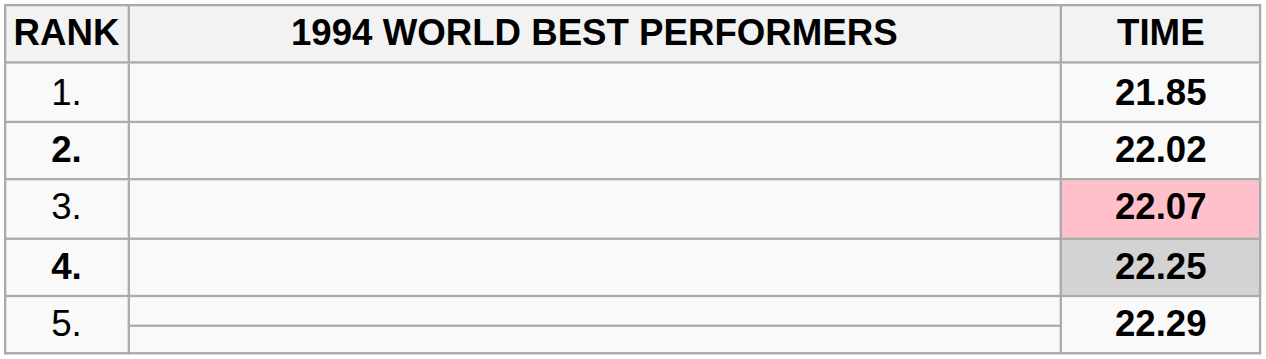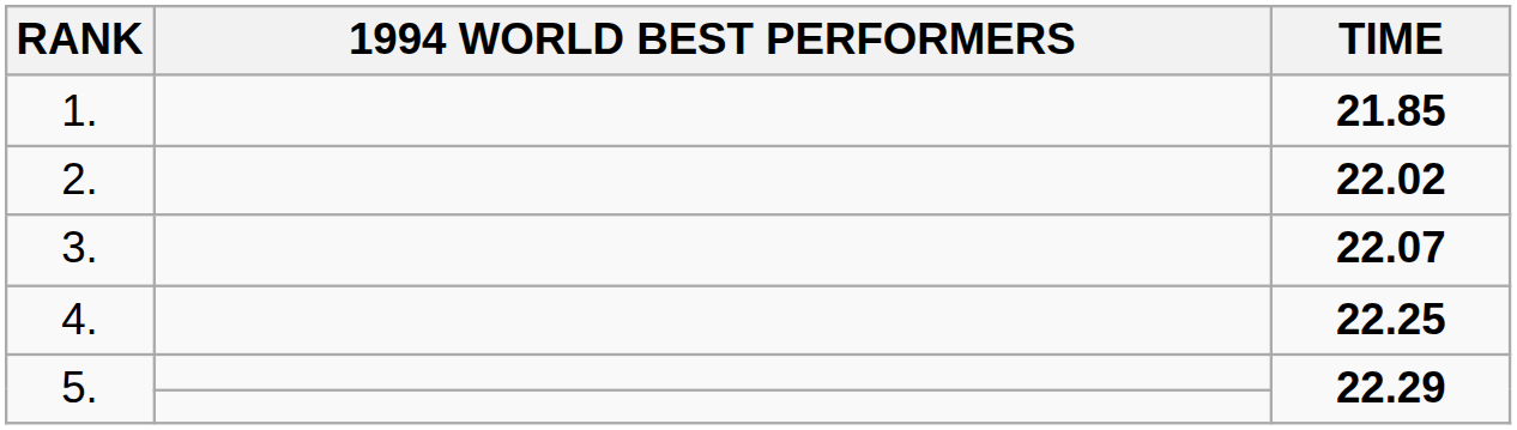 <table class=wikitable>
 <tr>
 <th>RANK</th>
 <th align="center" style="width: 25em">1994 WORLD BEST PERFORMERS</th>
 <th align="center" style="width: 5em">TIME</th>
 </tr>
 <tr>
 <td align="center">1.</td>
 <td></td>
 <td align="center"><strong>21.85</strong></td>
 </tr>
 <tr>
-<td align="center"><strong>2.</strong></td>
+<td align="center">2.</td>
 <td></td>
 <td align="center"><strong>22.02</strong></td>
 </tr>
 <tr>
 <td align="center">3.</td>
 <td></td>
-<td align="center" style="background: pink;"><strong>22.07</strong></td>
+<td align="center"><strong>22.07</strong></td>
 </tr>
 <tr>
-<td align="center"><strong>4.</strong></td>
+<td align="center">4.</td>
 <td></td>
-<td align="center" style="background: lightgrey;"><strong>22.25</strong></td>
+<td align="center"><strong>22.25</strong></td>
 </tr>
 <tr>
 <td rowspan=2 align="center">5.</td>
 <td></td>
 <td rowspan=2 align="center"><strong>22.29</strong></td>
 </tr>
 <tr>
 <td></td>
 </tr>
 </table>
